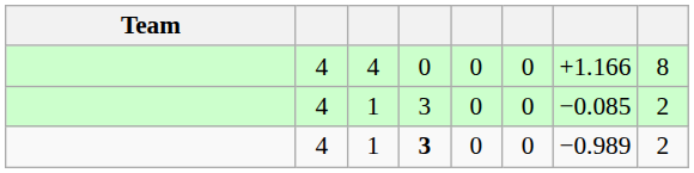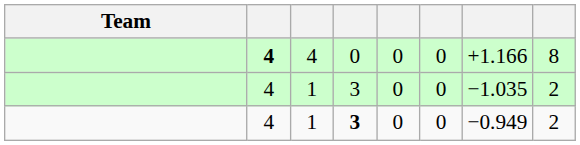 <table class="wikitable" style="text-align:center">
 <tr>
 <th style="width:175px">Team</th>
 <th style="width:25px"></th>
 <th style="width:25px"></th>
 <th style="width:25px"></th>
 <th style="width:25px"></th>
 <th style="width:25px"></th>
 <th style="width:45px"></th>
 <th style="width:25px"></th>
 </tr>
 <tr style="background:#cfc">
 <td align="left"></td>
-<td>4</td>
+<td><strong>4</strong></td>
 <td>4</td>
 <td>0</td>
 <td>0</td>
 <td>0</td>
 <td>+1.166</td>
 <td>8</td>
 </tr>
 <tr style="background:#cfc">
 <td align="left"></td>
 <td>4</td>
 <td>1</td>
 <td>3</td>
 <td>0</td>
 <td>0</td>
-<td>−0.085</td>
+<td>−1.035</td>
 <td>2</td>
 </tr>
 <tr>
 <td align="left"></td>
 <td>4</td>
 <td>1</td>
 <td><strong>3</strong></td>
 <td>0</td>
 <td>0</td>
-<td>−0.989</td>
+<td>−0.949</td>
 <td>2</td>
 </tr>
 </table>
